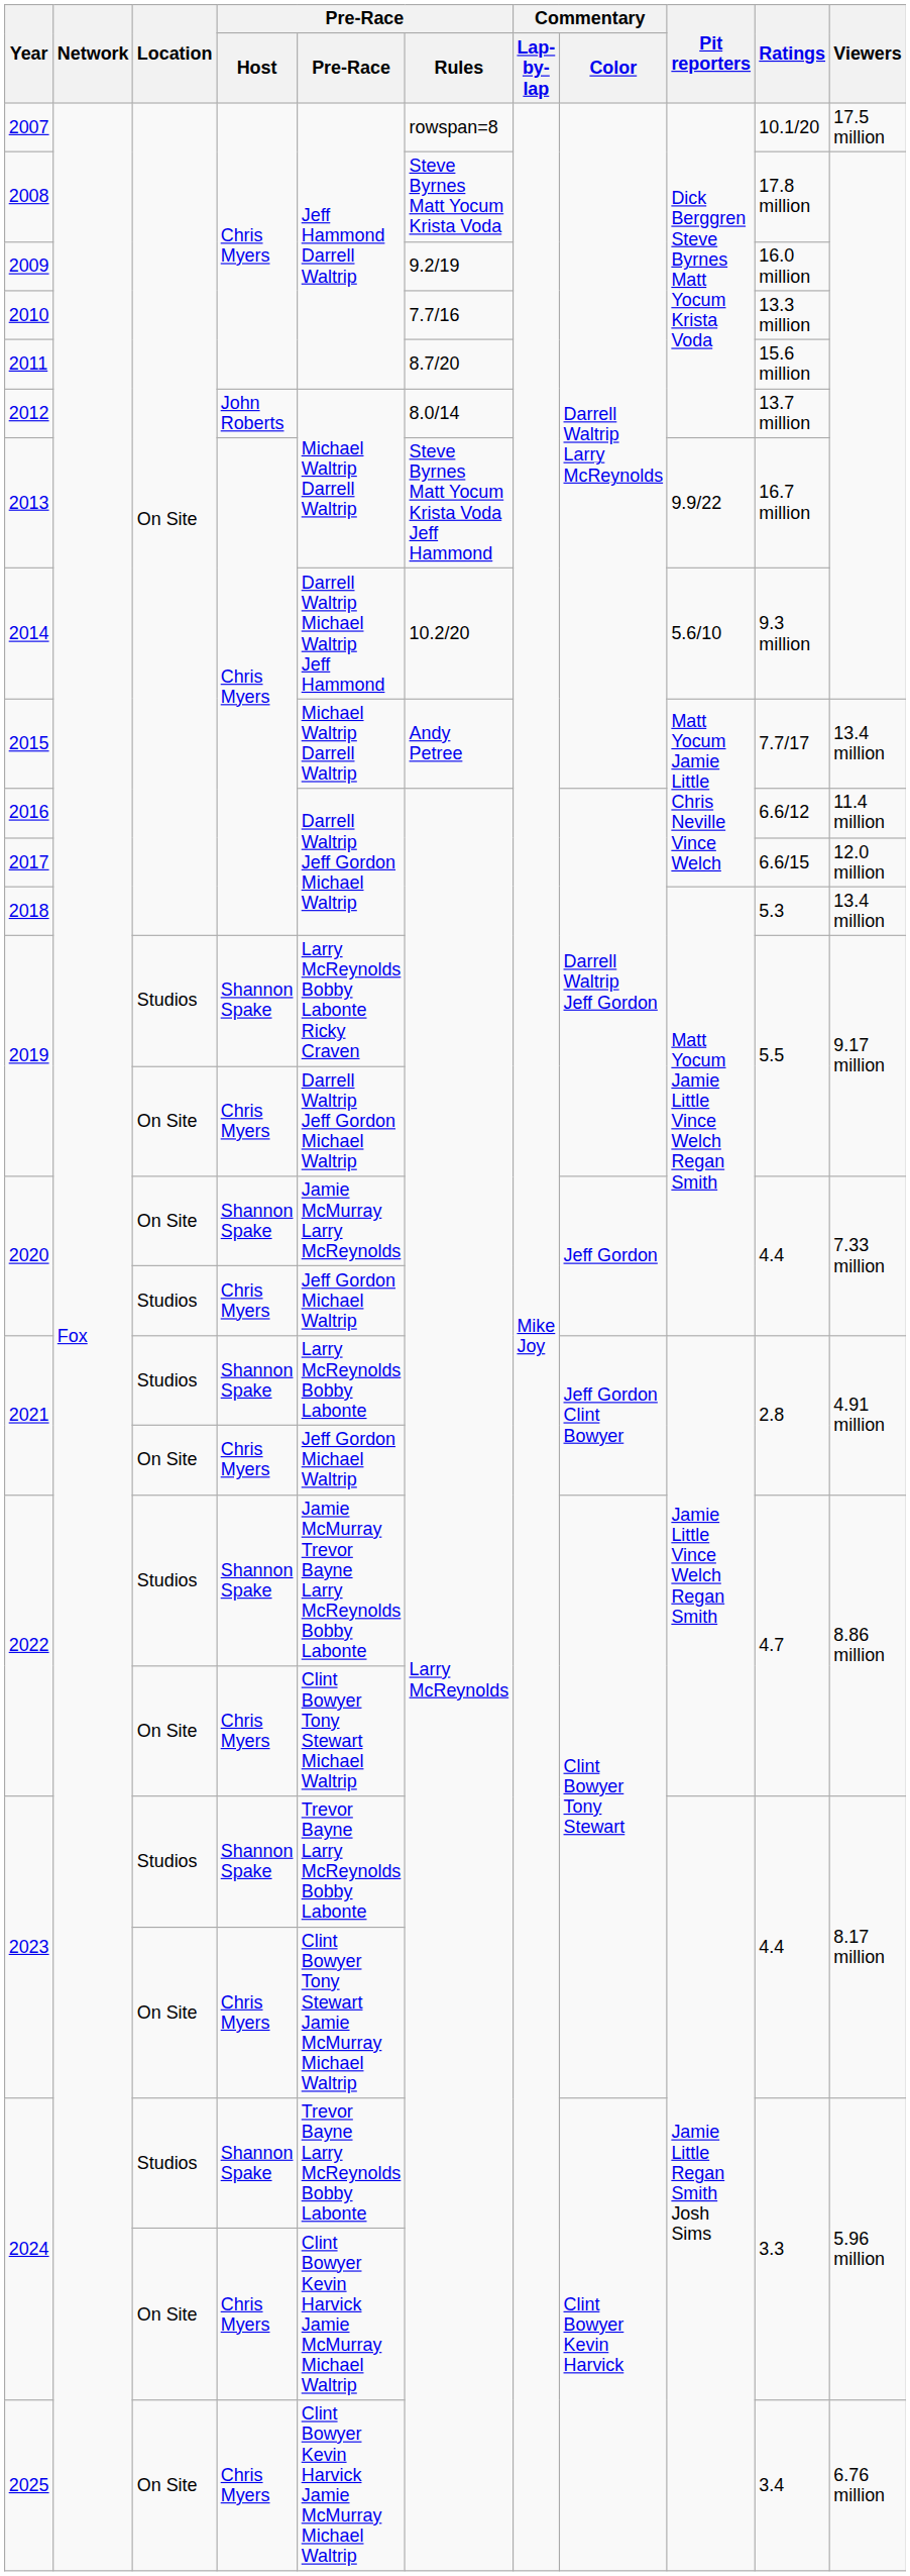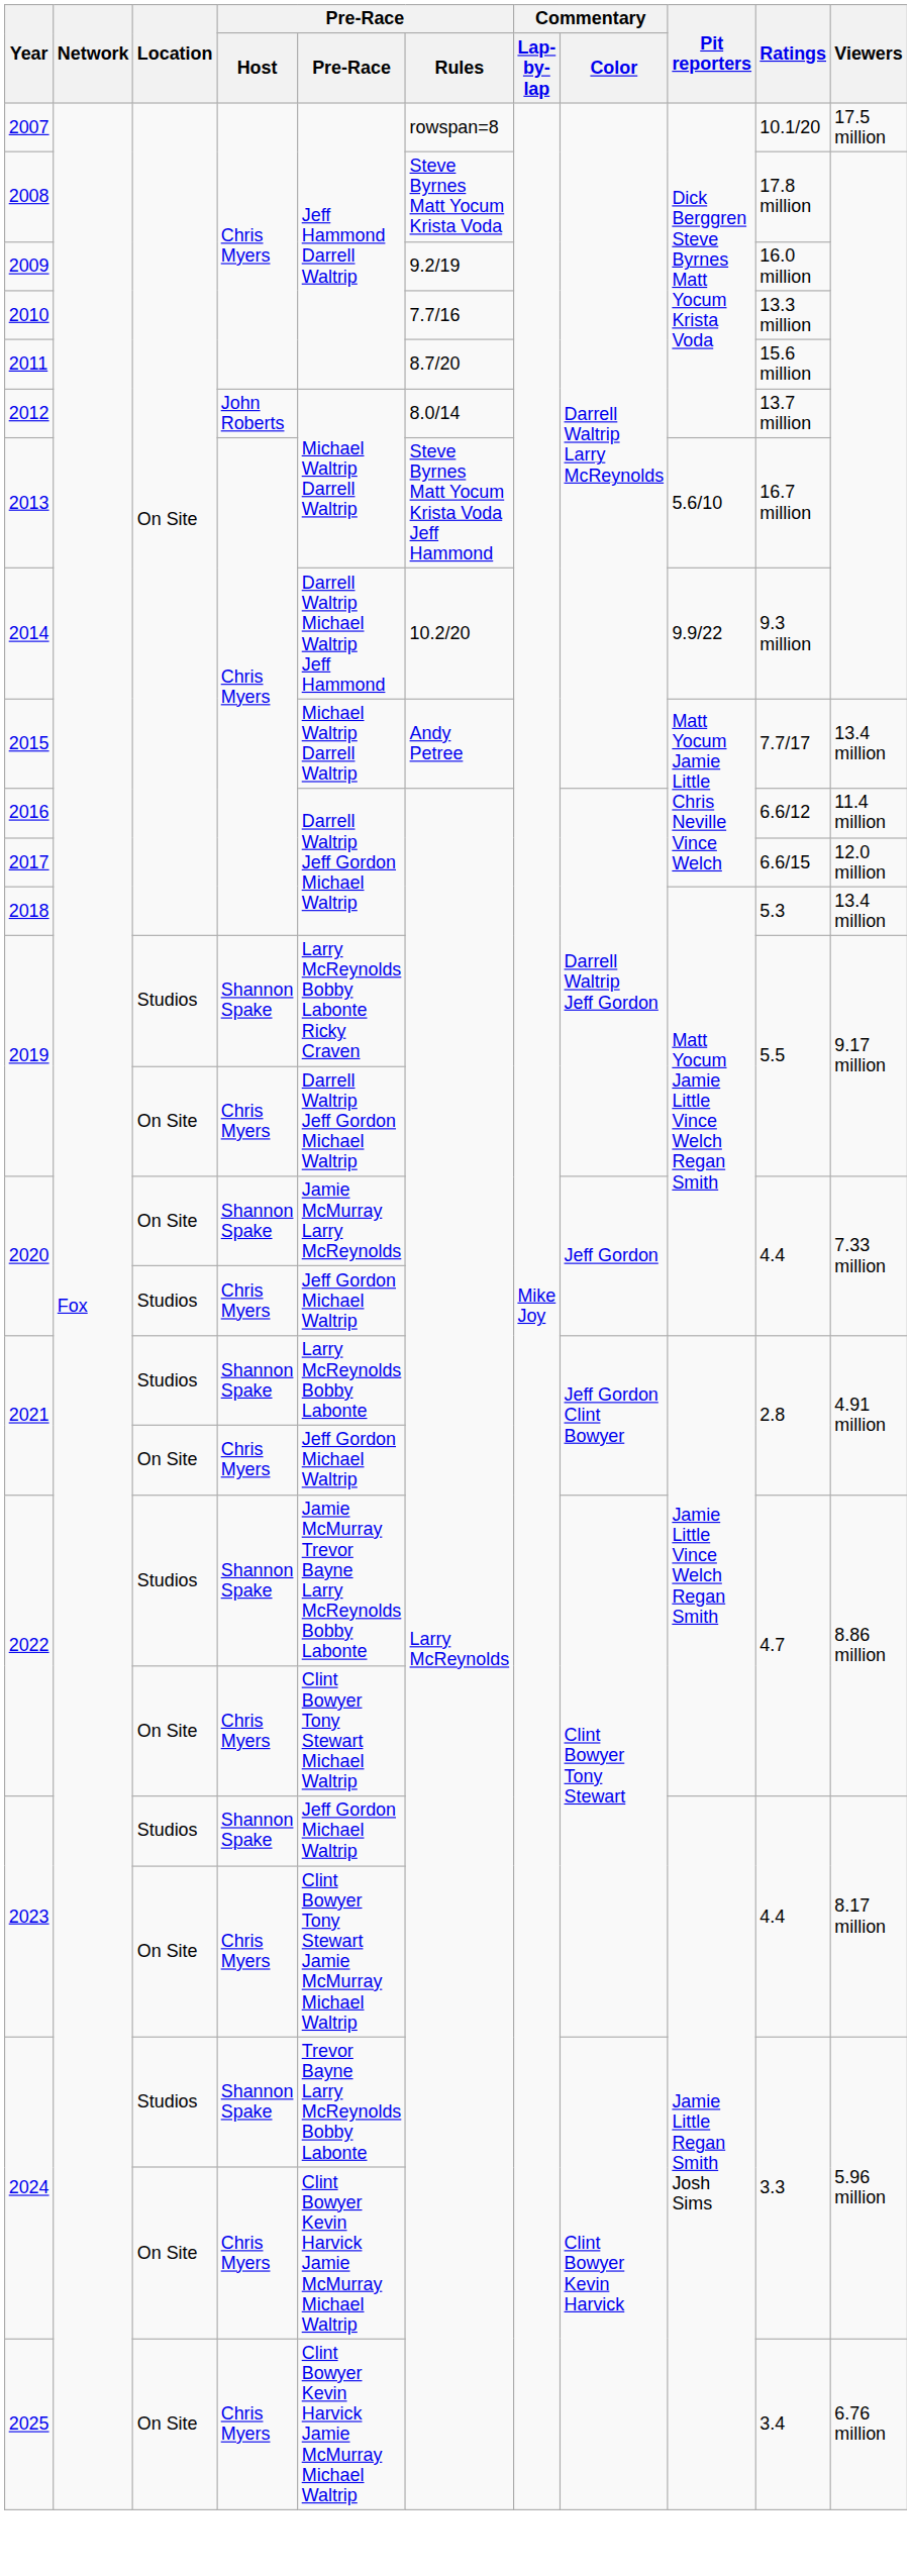 <table class="wikitable" 85%>
 <tr>
 <th rowspan=2>Year</th>
 <th rowspan=2>Network</th>
 <th rowspan=2>Location</th>
 <th colspan=3>Pre-Race</th>
 <th colspan=2>Commentary</th>
 <th rowspan=2><a href='#'>Pit reporters</a></th>
 <th rowspan=2><a href='#'>Ratings</a></th>
 <th rowspan=2>Viewers</th>
 </tr>
 <tr>
 <th>Host</th>
 <th>Pre-Race</th>
 <th>Rules</th>
 <th><a href='#'>Lap-by-lap</a></th>
 <th><a href='#'>Color</a></th>
 </tr>
 <tr>
 <td><a href='#'>2007</a></td>
 <td rowspan=25><a href='#'>Fox</a></td>
 <td rowspan=12>On Site</td>
 <td rowspan=5><a href='#'>Chris Myers</a></td>
 <td rowspan=5><a href='#'>Jeff Hammond</a> <br> <a href='#'>Darrell Waltrip</a></td>
 <td>rowspan=8 </td>
 <td rowspan=25><a href='#'>Mike Joy</a></td>
 <td rowspan=9><a href='#'>Darrell Waltrip</a> <br> <a href='#'>Larry McReynolds</a></td>
 <td rowspan=6><a href='#'>Dick Berggren</a> <br> <a href='#'>Steve Byrnes</a> <br> <a href='#'>Matt Yocum</a> <br> <a href='#'>Krista Voda</a></td>
 <td>10.1/20</td>
 <td>17.5 million</td>
 </tr>
 <tr>
 <td><a href='#'>2008</a></td>
 <td><a href='#'>Steve Byrnes</a> <br> <a href='#'>Matt Yocum</a> <br> <a href='#'>Krista Voda</a></td>
 <td>17.8 million</td>
 </tr>
 <tr>
 <td><a href='#'>2009</a></td>
 <td>9.2/19</td>
 <td>16.0 million</td>
 </tr>
 <tr>
 <td><a href='#'>2010</a></td>
 <td>7.7/16</td>
 <td>13.3 million</td>
 </tr>
 <tr>
 <td><a href='#'>2011</a></td>
 <td>8.7/20</td>
 <td>15.6 million</td>
 </tr>
 <tr>
 <td><a href='#'>2012</a></td>
 <td><a href='#'>John Roberts</a></td>
 <td rowspan=2><a href='#'>Michael Waltrip</a> <br> <a href='#'>Darrell Waltrip</a></td>
 <td>8.0/14</td>
 <td>13.7 million</td>
 </tr>
 <tr>
 <td><a href='#'>2013</a></td>
 <td rowspan=6><a href='#'>Chris Myers</a></td>
 <td><a href='#'>Steve Byrnes</a> <br> <a href='#'>Matt Yocum</a> <br> <a href='#'>Krista Voda</a> <br> <a href='#'>Jeff Hammond</a></td>
-<td>9.9/22</td>
+<td>5.6/10</td>
 <td>16.7 million</td>
 </tr>
 <tr>
 <td><a href='#'>2014</a></td>
 <td><a href='#'>Darrell Waltrip</a> <br> <a href='#'>Michael Waltrip</a> <br> <a href='#'>Jeff Hammond</a></td>
 <td>10.2/20</td>
-<td>5.6/10</td>
+<td>9.9/22</td>
 <td>9.3 million</td>
 </tr>
 <tr>
 <td><a href='#'>2015</a></td>
 <td><a href='#'>Michael Waltrip</a> <br> <a href='#'>Darrell Waltrip</a></td>
 <td><a href='#'>Andy Petree</a></td>
 <td rowspan=3><a href='#'>Matt Yocum</a> <br> <a href='#'>Jamie Little</a> <br> <a href='#'>Chris Neville</a> <br> <a href='#'>Vince Welch</a></td>
 <td>7.7/17</td>
 <td>13.4 million</td>
 </tr>
 <tr>
 <td><a href='#'>2016</a></td>
 <td rowspan=3><a href='#'>Darrell Waltrip</a> <br> <a href='#'>Jeff Gordon</a> <br> <a href='#'>Michael Waltrip</a></td>
 <td rowspan=16><a href='#'>Larry McReynolds</a></td>
 <td rowspan=5><a href='#'>Darrell Waltrip</a><br><a href='#'>Jeff Gordon</a></td>
 <td>6.6/12</td>
 <td>11.4 million</td>
 </tr>
 <tr>
 <td><a href='#'>2017</a></td>
 <td>6.6/15</td>
 <td>12.0 million</td>
 </tr>
 <tr>
 <td><a href='#'>2018</a></td>
 <td rowspan=5><a href='#'>Matt Yocum</a> <br> <a href='#'>Jamie Little</a> <br> <a href='#'>Vince Welch</a> <br> <a href='#'>Regan Smith</a></td>
 <td>5.3</td>
 <td>13.4 million</td>
 </tr>
 <tr>
 <td rowspan=2><a href='#'>2019</a></td>
 <td>Studios</td>
 <td><a href='#'>Shannon Spake</a></td>
 <td><a href='#'>Larry McReynolds</a> <br> <a href='#'>Bobby Labonte</a> <br> <a href='#'>Ricky Craven</a></td>
 <td rowspan=2>5.5</td>
 <td rowspan=2>9.17 million</td>
 </tr>
 <tr>
 <td>On Site</td>
 <td><a href='#'>Chris Myers</a></td>
 <td><a href='#'>Darrell Waltrip</a> <br> <a href='#'>Jeff Gordon</a> <br> <a href='#'>Michael Waltrip</a></td>
 </tr>
 <tr>
 <td rowspan=2><a href='#'>2020</a></td>
 <td>On Site</td>
 <td><a href='#'>Shannon Spake</a></td>
 <td><a href='#'>Jamie McMurray</a> <br> <a href='#'>Larry McReynolds</a></td>
 <td rowspan=2><a href='#'>Jeff Gordon</a></td>
 <td rowspan=2>4.4</td>
 <td rowspan=2>7.33 million</td>
 </tr>
 <tr>
 <td>Studios</td>
 <td><a href='#'>Chris Myers</a></td>
 <td><a href='#'>Jeff Gordon</a> <br> <a href='#'>Michael Waltrip</a></td>
 </tr>
 <tr>
 <td rowspan=2><a href='#'>2021</a></td>
 <td>Studios</td>
 <td><a href='#'>Shannon Spake</a></td>
 <td><a href='#'>Larry McReynolds</a> <br> <a href='#'>Bobby Labonte</a></td>
 <td rowspan=2><a href='#'>Jeff Gordon</a> <br> <a href='#'>Clint Bowyer</a></td>
 <td rowspan=4><a href='#'>Jamie Little</a> <br> <a href='#'>Vince Welch</a> <br> <a href='#'>Regan Smith</a></td>
 <td rowspan=2>2.8</td>
 <td rowspan=2>4.91 million</td>
 </tr>
 <tr>
 <td>On Site</td>
 <td><a href='#'>Chris Myers</a></td>
 <td><a href='#'>Jeff Gordon</a> <br> <a href='#'>Michael Waltrip</a></td>
 </tr>
 <tr>
 <td rowspan=2><a href='#'>2022</a></td>
 <td>Studios</td>
 <td><a href='#'>Shannon Spake</a></td>
 <td><a href='#'>Jamie McMurray</a> <br> <a href='#'>Trevor Bayne</a> <br> <a href='#'>Larry McReynolds</a> <br> <a href='#'>Bobby Labonte</a></td>
 <td rowspan=4><a href='#'>Clint Bowyer</a> <br> <a href='#'>Tony Stewart</a></td>
 <td rowspan=2>4.7</td>
 <td rowspan=2>8.86 million</td>
 </tr>
 <tr>
 <td>On Site</td>
 <td><a href='#'>Chris Myers</a></td>
 <td><a href='#'>Clint Bowyer</a><br><a href='#'>Tony Stewart</a><br><a href='#'>Michael Waltrip</a></td>
 </tr>
 <tr>
 <td rowspan=2><a href='#'>2023</a></td>
 <td>Studios</td>
 <td><a href='#'>Shannon Spake</a></td>
-<td><a href='#'>Trevor Bayne</a> <br> <a href='#'>Larry McReynolds</a> <br> <a href='#'>Bobby Labonte</a></td>
+<td><a href='#'>Jeff Gordon</a> <br> <a href='#'>Michael Waltrip</a></td>
 <td rowspan=5><a href='#'>Jamie Little</a> <br> <a href='#'>Regan Smith</a> <br> Josh Sims</td>
 <td rowspan=2>4.4</td>
 <td rowspan=2>8.17 million</td>
 </tr>
 <tr>
 <td>On Site</td>
 <td><a href='#'>Chris Myers</a></td>
 <td><a href='#'>Clint Bowyer</a> <br> <a href='#'>Tony Stewart</a> <br> <a href='#'>Jamie McMurray</a> <br> <a href='#'>Michael Waltrip</a></td>
 </tr>
 <tr>
 <td rowspan=2><a href='#'>2024</a></td>
 <td>Studios</td>
 <td><a href='#'>Shannon Spake</a></td>
 <td><a href='#'>Trevor Bayne</a> <br> <a href='#'>Larry McReynolds</a> <br> <a href='#'>Bobby Labonte</a></td>
 <td rowspan=3><a href='#'>Clint Bowyer</a> <br> <a href='#'>Kevin Harvick</a></td>
 <td rowspan=2>3.3</td>
 <td rowspan=2>5.96 million</td>
 </tr>
 <tr>
 <td>On Site</td>
 <td><a href='#'>Chris Myers</a></td>
 <td><a href='#'>Clint Bowyer</a> <br> <a href='#'>Kevin Harvick</a> <br> <a href='#'>Jamie McMurray</a> <br> <a href='#'>Michael Waltrip</a></td>
 </tr>
 <tr>
 <td><a href='#'>2025</a></td>
 <td>On Site</td>
 <td><a href='#'>Chris Myers</a></td>
 <td><a href='#'>Clint Bowyer</a> <br> <a href='#'>Kevin Harvick</a> <br> <a href='#'>Jamie McMurray</a> <br> <a href='#'>Michael Waltrip</a></td>
 <td>3.4</td>
 <td>6.76 million</td>
 </tr>
 </table>
